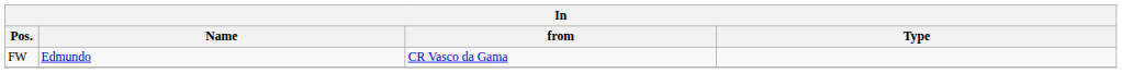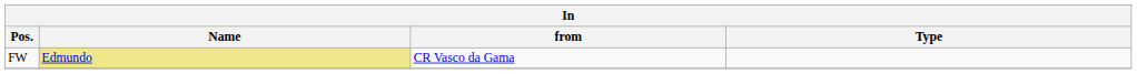 <table class="wikitable" style="font-size:90%;width:99%;">
 <tr>
 <th colspan="4">In</th>
 </tr>
 <tr>
 <th width=3%>Pos.</th>
 <th width=33%>Name</th>
 <th width=28%>from</th>
 <th width=36%>Type</th>
 </tr>
 <tr>
 <td>FW</td>
-<td><a href='#'>Edmundo</a></td>
+<td style="background: khaki;"><a href='#'>Edmundo</a></td>
 <td><a href='#'>CR Vasco da Gama</a></td>
 <td></td>
 </tr>
 <tr>
 </tr>
 </table>
